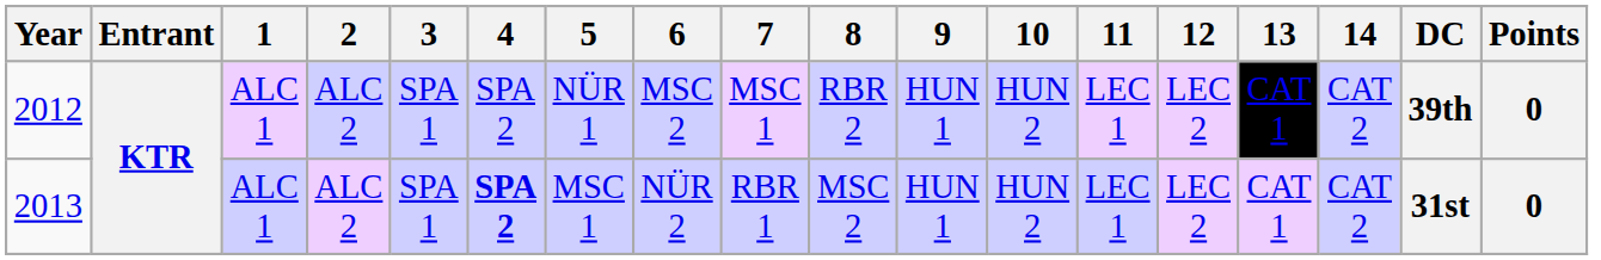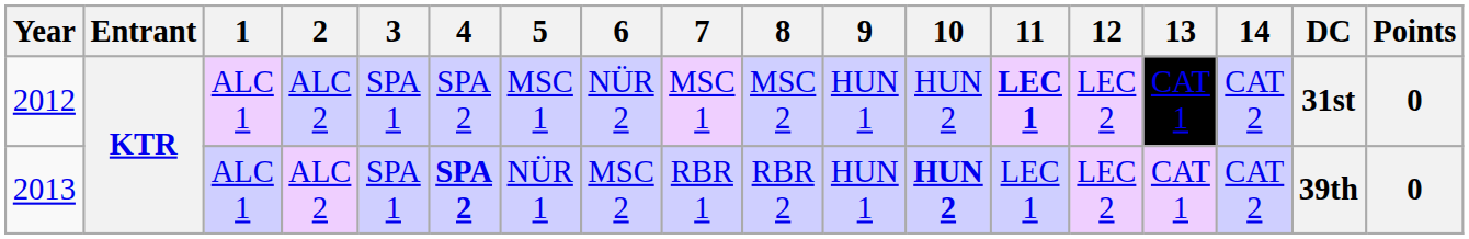 <table class="wikitable" style="text-align:center; font-size:85%">
 <tr>
 <th>Year</th>
 <th>Entrant</th>
 <th>1</th>
 <th>2</th>
 <th>3</th>
 <th>4</th>
 <th>5</th>
 <th>6</th>
 <th>7</th>
 <th>8</th>
 <th>9</th>
 <th>10</th>
 <th>11</th>
 <th>12</th>
 <th>13</th>
 <th>14</th>
 <th>DC</th>
 <th>Points</th>
 </tr>
 <tr>
 <td><a href='#'>2012</a></td>
 <th rowspan="2"><a href='#'>KTR</a></th>
 <td style="background:#efcfff;"><a href='#'>ALC<br>1</a><br></td>
 <td style="background:#cfcfff;"><a href='#'>ALC<br>2</a><br></td>
 <td style="background:#cfcfff;"><a href='#'>SPA<br>1</a><br></td>
 <td style="background:#cfcfff;"><a href='#'>SPA<br>2</a><br></td>
-<td style="background:#cfcfff;"><a href='#'>NÜR<br>1</a><br></td>
+<td style="background:#cfcfff;"><a href='#'>MSC<br>1</a><br></td>
+<td style="background:#cfcfff;"><a href='#'>NÜR<br>2</a><br></td>
+<td style="background:#efcfff;"><a href='#'>MSC<br>1</a><br></td>
 <td style="background:#cfcfff;"><a href='#'>MSC<br>2</a><br></td>
-<td style="background:#efcfff;"><a href='#'>MSC<br>1</a><br></td>
-<td style="background:#cfcfff;"><a href='#'>RBR<br>2</a><br></td>
 <td style="background:#cfcfff;"><a href='#'>HUN<br>1</a><br></td>
 <td style="background:#cfcfff;"><a href='#'>HUN<br>2</a><br></td>
-<td style="background:#efcfff;"><a href='#'>LEC<br>1</a><br></td>
+<td style="background:#efcfff;"><strong><a href='#'>LEC<br>1</a><br></strong></td>
 <td style="background:#efcfff;"><a href='#'>LEC<br>2</a><br></td>
 <td style="background:#000000;color:white"><a href='#'><span>CAT<br>1</span></a><br></td>
 <td style="background:#cfcfff;"><a href='#'>CAT<br>2</a><br></td>
-<th>39th</th>
+<th>31st</th>
 <th>0</th>
 </tr>
 <tr>
 <td><a href='#'>2013</a></td>
 <td style="background:#cfcfff;"><a href='#'>ALC<br>1</a><br></td>
 <td style="background:#efcfff;"><a href='#'>ALC<br>2</a><br></td>
 <td style="background:#cfcfff;"><a href='#'>SPA<br>1</a><br></td>
 <td style="background:#cfcfff;"><strong><a href='#'>SPA<br>2</a><br></strong></td>
-<td style="background:#cfcfff;"><a href='#'>MSC<br>1</a><br></td>
-<td style="background:#cfcfff;"><a href='#'>NÜR<br>2</a><br></td>
+<td style="background:#cfcfff;"><a href='#'>NÜR<br>1</a><br></td>
+<td style="background:#cfcfff;"><a href='#'>MSC<br>2</a><br></td>
 <td style="background:#cfcfff;"><a href='#'>RBR<br>1</a><br></td>
-<td style="background:#cfcfff;"><a href='#'>MSC<br>2</a><br></td>
+<td style="background:#cfcfff;"><a href='#'>RBR<br>2</a><br></td>
 <td style="background:#cfcfff;"><a href='#'>HUN<br>1</a><br></td>
-<td style="background:#cfcfff;"><a href='#'>HUN<br>2</a><br></td>
+<td style="background:#cfcfff;"><strong><a href='#'>HUN<br>2</a><br></strong></td>
 <td style="background:#cfcfff;"><a href='#'>LEC<br>1</a><br></td>
 <td style="background:#efcfff;"><a href='#'>LEC<br>2</a><br></td>
 <td style="background:#efcfff;"><a href='#'>CAT<br>1</a><br></td>
 <td style="background:#cfcfff;"><a href='#'>CAT<br>2</a><br></td>
-<th>31st</th>
+<th>39th</th>
 <th>0</th>
 </tr>
 </table>
